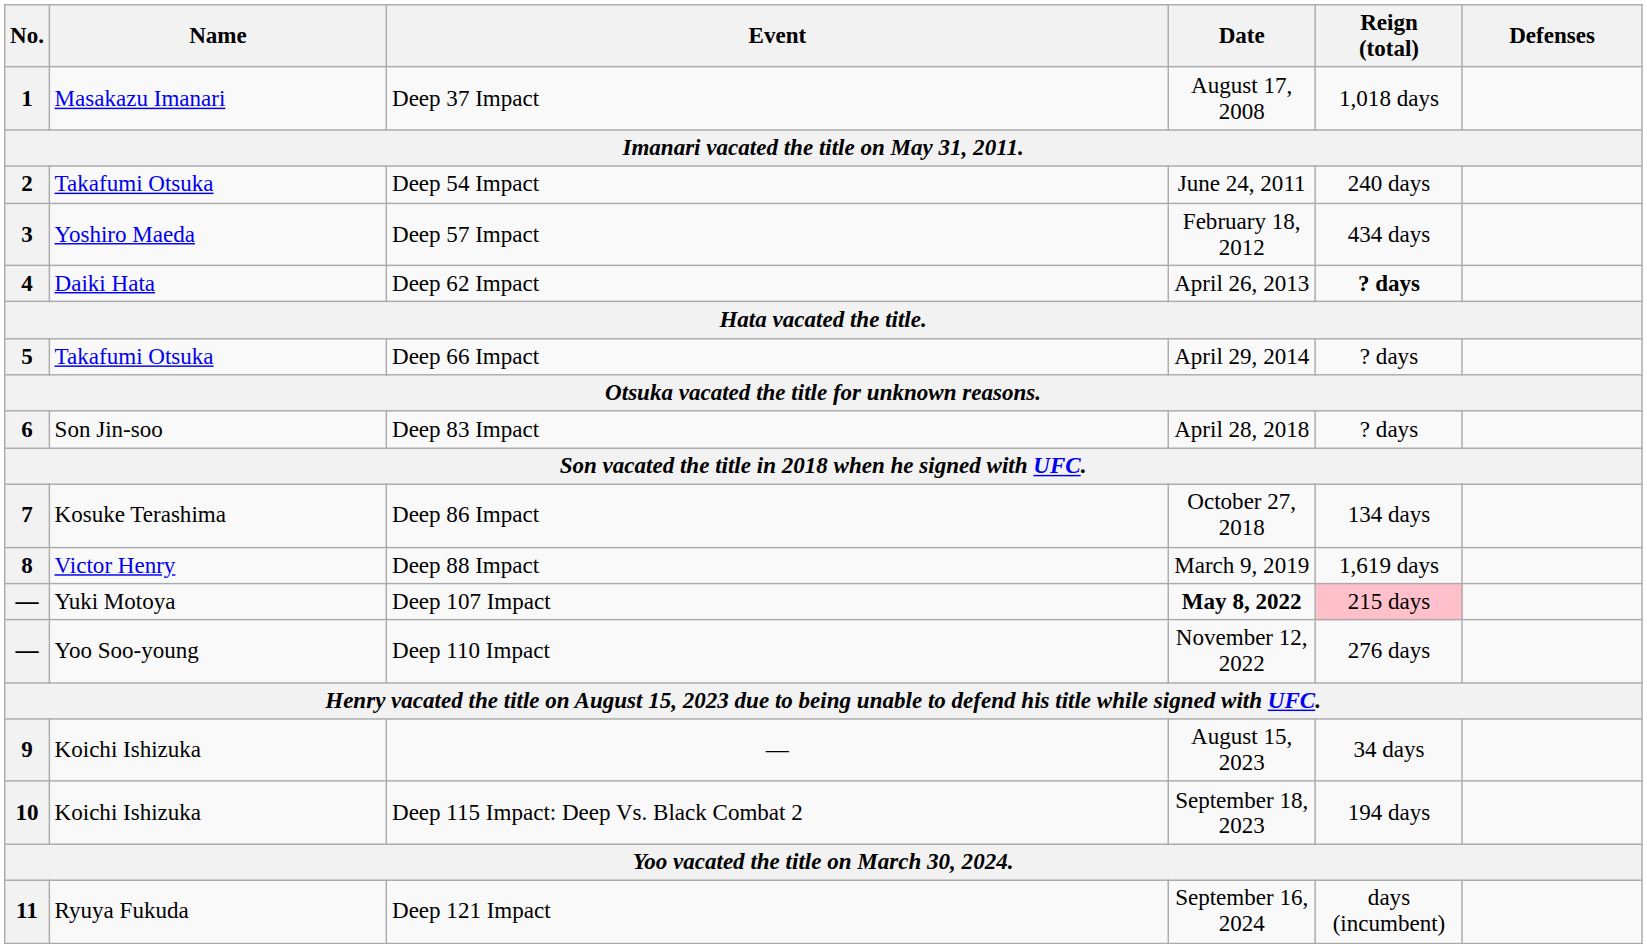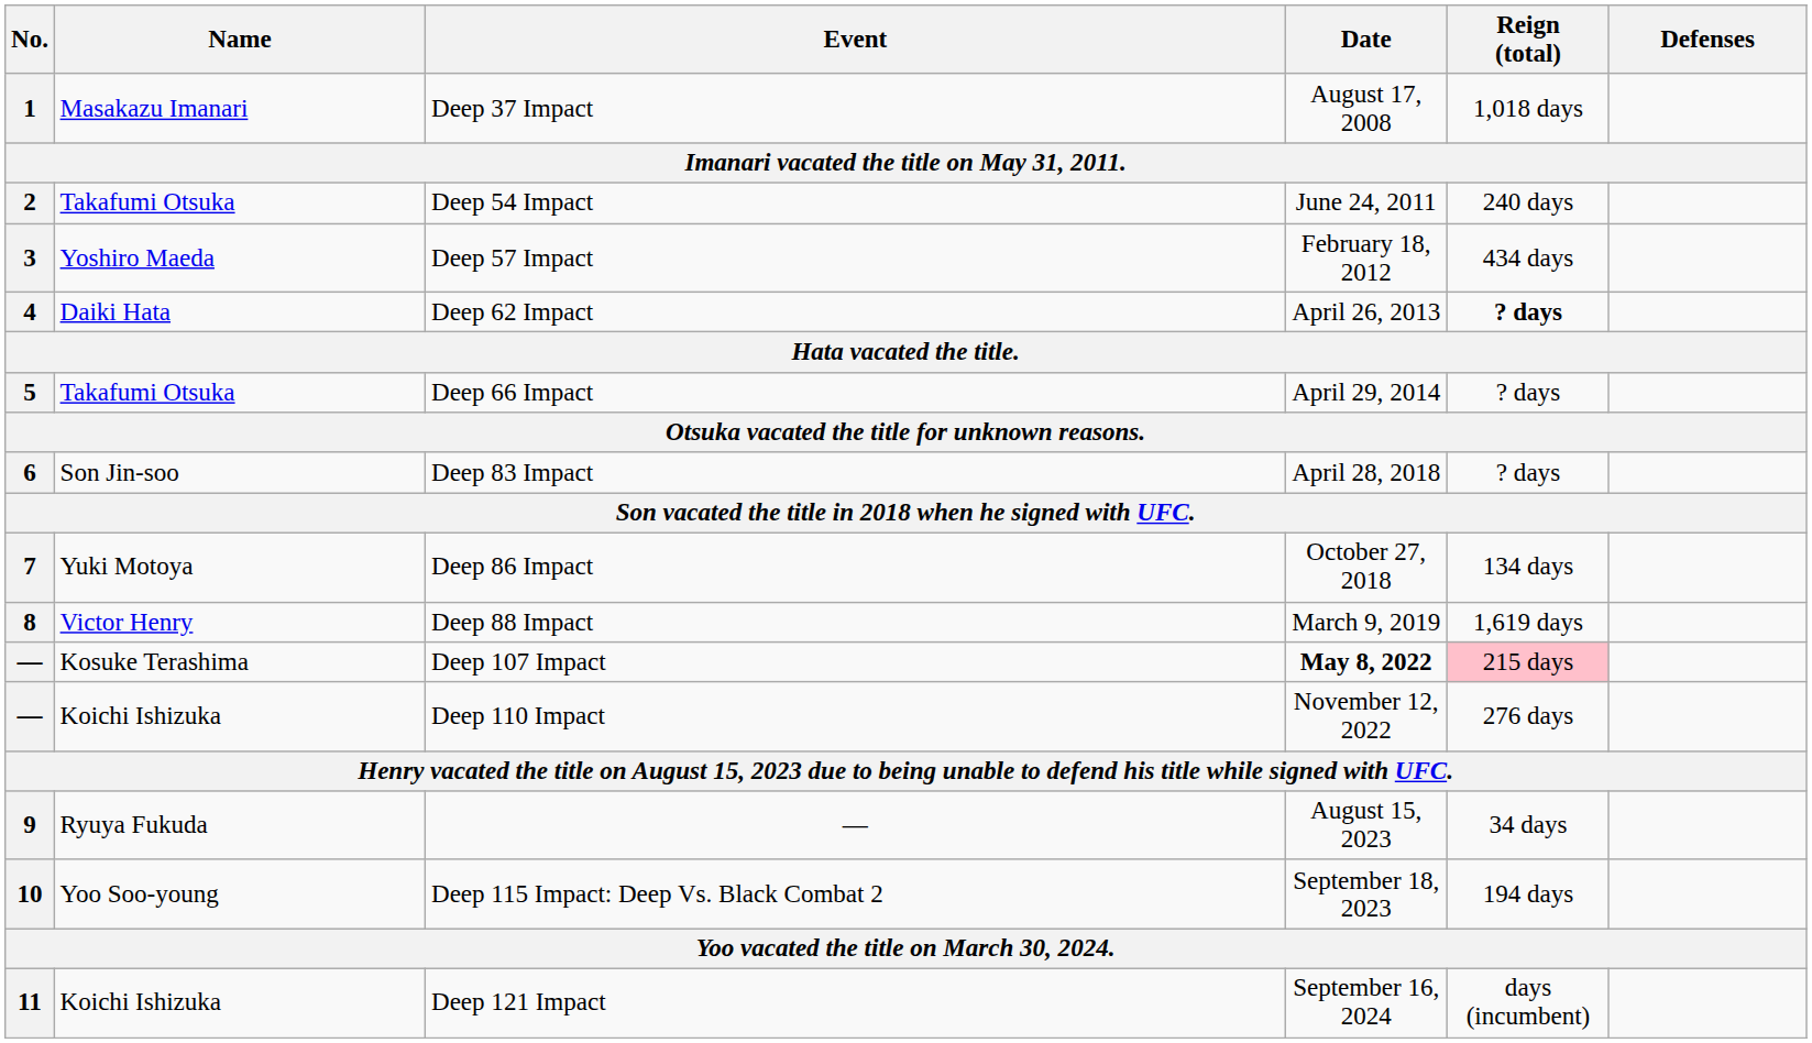 <table class="wikitable" style="width:90%;">
 <tr>
 <th style="width:2%;">No.</th>
 <th>Name</th>
 <th>Event</th>
 <th style="width:9%;">Date</th>
 <th style="width:9%;">Reign<br>(total)</th>
 <th>Defenses</th>
 </tr>
 <tr>
 <th>1</th>
 <td> <a href='#'>Masakazu Imanari</a><br></td>
 <td>Deep 37 Impact<br></td>
 <td align=center>August 17, 2008</td>
 <td align=center>1,018 days</td>
 <td><br></td>
 </tr>
 <tr>
 <th colspan=6 align=center><em>Imanari vacated the title on May 31, 2011.</em></th>
 </tr>
 <tr>
 <th>2</th>
 <td> <a href='#'>Takafumi Otsuka</a><br></td>
 <td>Deep 54 Impact<br></td>
 <td align=center>June 24, 2011</td>
 <td align=center>240 days</td>
 <td></td>
 </tr>
 <tr>
 <th>3</th>
 <td> <a href='#'>Yoshiro Maeda</a></td>
 <td>Deep 57 Impact<br></td>
 <td align=center>February 18, 2012</td>
 <td align=center>434 days</td>
 <td><br></td>
 </tr>
 <tr>
 <th>4</th>
 <td> <a href='#'>Daiki Hata</a></td>
 <td>Deep 62 Impact<br></td>
 <td align=center>April 26, 2013</td>
 <td align=center><strong>? days</strong></td>
 <td></td>
 </tr>
 <tr>
 <th colspan=6 align=center><em>Hata vacated the title.</em></th>
 </tr>
 <tr>
 <th>5</th>
 <td> <a href='#'>Takafumi Otsuka</a> <br></td>
 <td>Deep 66 Impact<br></td>
 <td align=center>April 29, 2014</td>
 <td align=center>? days</td>
 <td><br></td>
 </tr>
 <tr>
 <th colspan=6 align=center><em>Otsuka vacated the title for unknown reasons.</em></th>
 </tr>
 <tr>
 <th>6</th>
 <td> Son Jin-soo<br></td>
 <td>Deep 83 Impact<br></td>
 <td align=center>April 28, 2018</td>
 <td align=center>? days</td>
 <td></td>
 </tr>
 <tr>
 <th colspan=6 align=center><em>Son vacated the title in 2018 when he signed with <a href='#'>UFC</a>.</em></th>
 </tr>
 <tr>
 <th>7</th>
-<td> Kosuke Terashima<br></td>
+<td> Yuki Motoya<br></td>
 <td>Deep 86 Impact<br></td>
 <td align=center>October 27, 2018</td>
 <td align=center>134 days</td>
 <td></td>
 </tr>
 <tr>
 <th>8</th>
 <td> <a href='#'>Victor Henry</a></td>
 <td>Deep 88 Impact<br></td>
 <td align=center>March 9, 2019</td>
 <td align=center>1,619 days</td>
 <td></td>
 </tr>
 <tr>
 <th>—</th>
-<td> Yuki Motoya<br></td>
+<td> Kosuke Terashima<br></td>
 <td>Deep 107 Impact<br></td>
 <td align=center><strong>May 8, 2022</strong></td>
 <td align=center style="background: pink;">215 days</td>
 </tr>
 <tr>
 <th>—</th>
-<td> Yoo Soo-young</td>
+<td> Koichi Ishizuka<br></td>
 <td>Deep 110 Impact<br></td>
 <td align=center>November 12, 2022</td>
 <td align=center>276 days</td>
 <td></td>
 </tr>
 <tr>
 <th colspan=6 align=center><em>Henry vacated the title on August 15, 2023 due to being unable to defend his title while signed with <a href='#'>UFC</a>.</em></th>
 </tr>
 <tr>
 <th>9</th>
-<td> Koichi Ishizuka<br></td>
+<td> Ryuya Fukuda<br></td>
 <td align=center>—</td>
 <td align=center>August 15, 2023</td>
 <td align=center>34 days<br></td>
 <td></td>
 </tr>
 <tr>
 <th>10</th>
-<td> Koichi Ishizuka<br></td>
+<td> Yoo Soo-young</td>
 <td>Deep 115 Impact: Deep Vs. Black Combat 2<br></td>
 <td align=center>September 18, 2023</td>
 <td align=center>194 days</td>
 <td></td>
 </tr>
 <tr>
 <th colspan=6 align=center><em>Yoo vacated the title on March 30, 2024.</em></th>
 </tr>
 <tr>
 <th>11</th>
-<td> Ryuya Fukuda<br></td>
+<td> Koichi Ishizuka<br></td>
 <td>Deep 121 Impact<br></td>
 <td align=center>September 16, 2024</td>
 <td align=center> days<br>(incumbent)</td>
 <td><br></td>
 </tr>
 <tr>
 </tr>
 </table>
